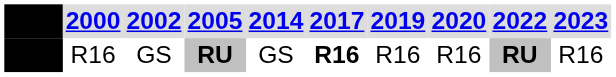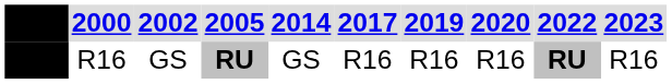 <table class="toccolours" border="0" cellpadding="2" cellspacing="0" align="left" style="margin:0.5em;">
 <tr>
 <th align=center style="background-color: #000000;"><span>Year</span></th>
 <th align=center style="background-color: #ddd;"><a href='#'>2000</a></th>
 <th align=center style="background-color: #ddd;"><a href='#'>2002</a></th>
 <th align=center style="background-color: #ddd;"><a href='#'>2005</a></th>
 <th align=center style="background-color: #ddd;"><a href='#'>2014</a></th>
 <th align=center style="background-color: #ddd;"><a href='#'>2017</a></th>
 <th align=center style="background-color: #ddd;"><a href='#'>2019</a></th>
 <th align=center style="background-color: #ddd;"><a href='#'>2020</a></th>
 <th align=center style="background-color: #ddd;"><a href='#'>2022</a></th>
 <th align=center style="background-color: #ddd;"><a href='#'>2023</a></th>
 </tr>
 <tr>
 <th align="center" style="background-color: #000000;"><span>Pos.</span></th>
 <td align="center">R16</td>
 <td align="center">GS</td>
 <td align="center" bgcolor="silver"><strong>RU</strong></td>
 <td align="center">GS</td>
-<td align="center"><strong>R16</strong></td>
+<td align="center">R16</td>
 <td align="center">R16</td>
 <td align="center">R16</td>
 <td align="center" bgcolor="silver"><strong>RU</strong></td>
 <td align="center">R16</td>
 </tr>
 <tr>
 </tr>
 </table>
